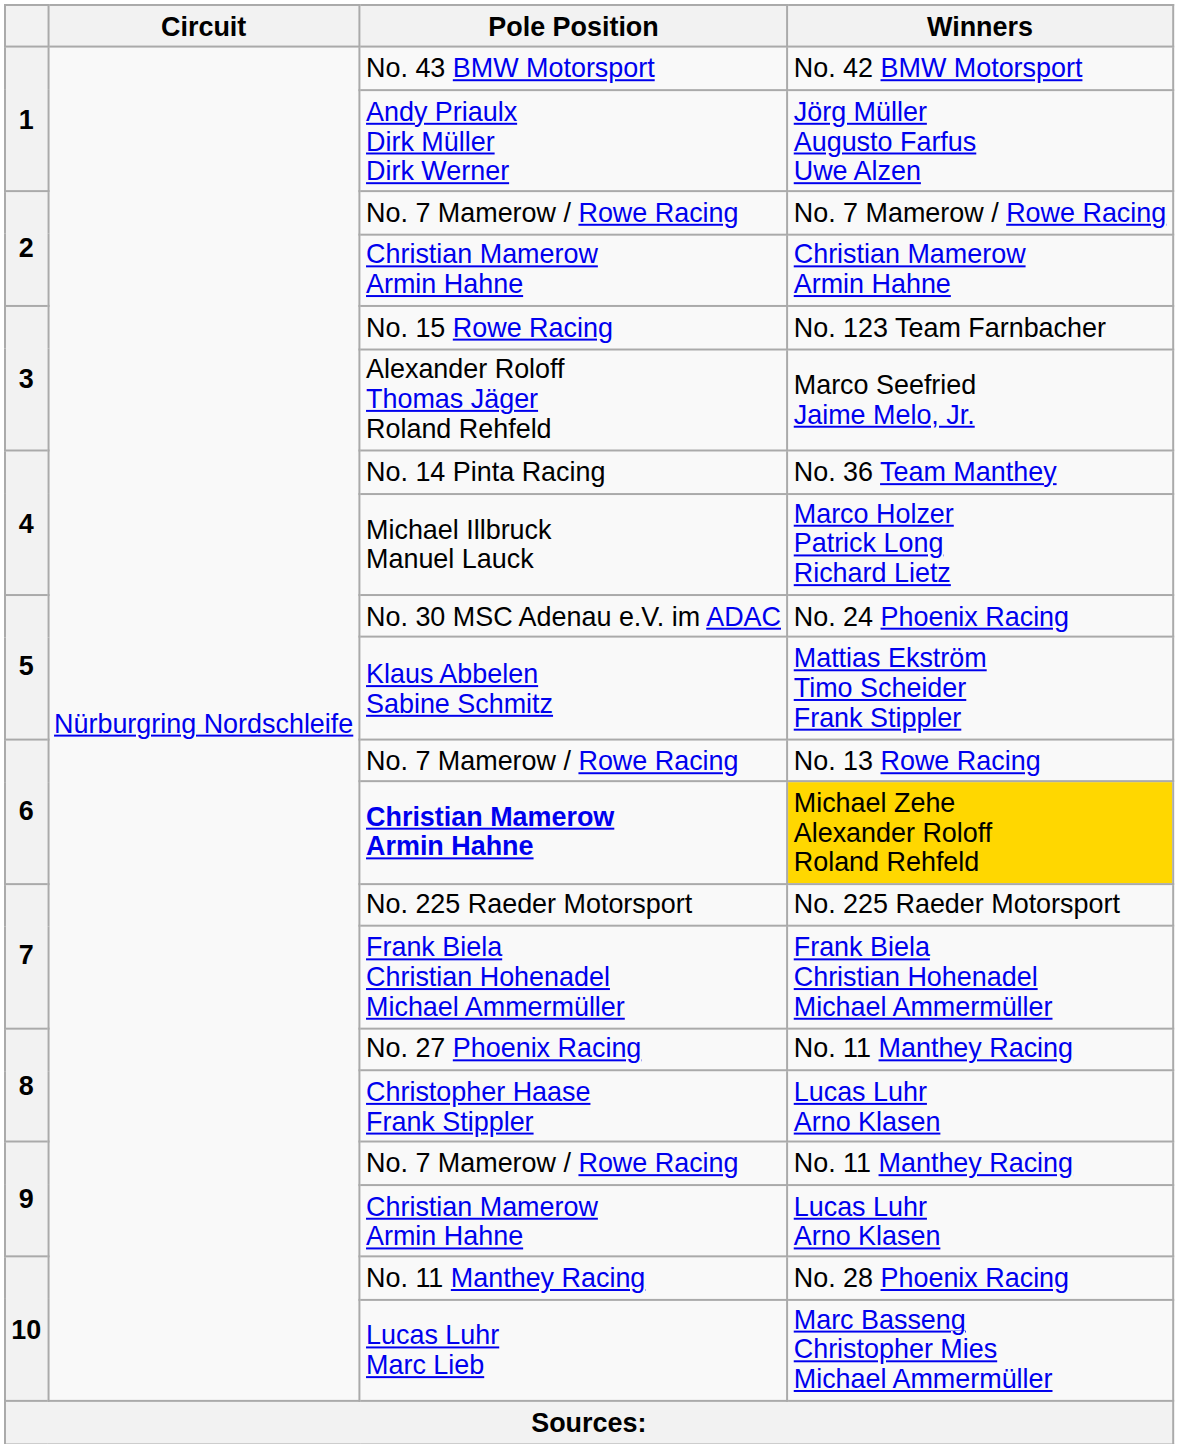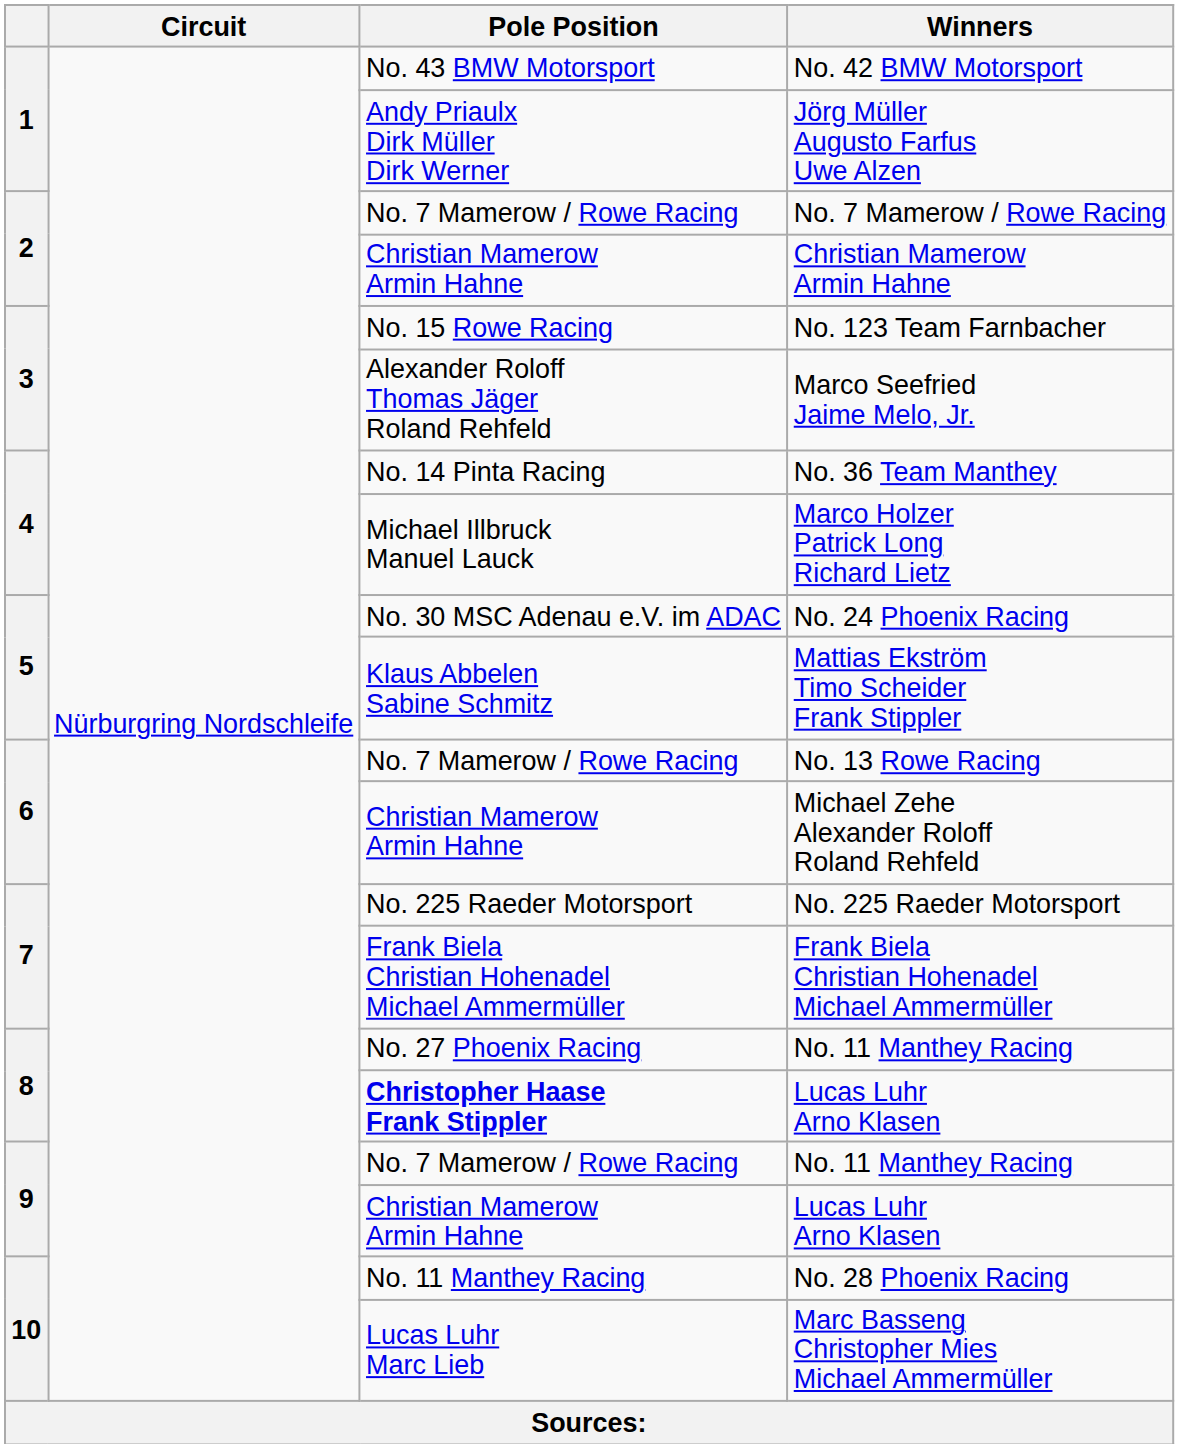 <table class="wikitable" style="font-size: 85%;">
 <tr>
 <th></th>
 <th>Circuit</th>
 <th>Pole Position</th>
 <th>Winners</th>
 </tr>
 <tr>
 <th rowspan=2>1</th>
 <td rowspan=20> <a href='#'>Nürburgring Nordschleife</a></td>
 <td>No. 43  <a href='#'>BMW Motorsport</a></td>
 <td>No. 42  <a href='#'>BMW Motorsport</a></td>
 </tr>
 <tr>
 <td> <a href='#'>Andy Priaulx</a><br> <a href='#'>Dirk Müller</a><br> <a href='#'>Dirk Werner</a></td>
 <td> <a href='#'>Jörg Müller</a><br> <a href='#'>Augusto Farfus</a><br> <a href='#'>Uwe Alzen</a></td>
 </tr>
 <tr>
 <th rowspan=2>2</th>
 <td>No. 7  Mamerow / <a href='#'>Rowe Racing</a></td>
 <td>No. 7  Mamerow / <a href='#'>Rowe Racing</a></td>
 </tr>
 <tr>
 <td> <a href='#'>Christian Mamerow</a><br> <a href='#'>Armin Hahne</a></td>
 <td> <a href='#'>Christian Mamerow</a><br> <a href='#'>Armin Hahne</a></td>
 </tr>
 <tr>
 <th rowspan=2>3</th>
 <td>No. 15  <a href='#'>Rowe Racing</a></td>
 <td>No. 123  Team Farnbacher</td>
 </tr>
 <tr>
 <td> Alexander Roloff<br> <a href='#'>Thomas Jäger</a><br> Roland Rehfeld</td>
 <td> Marco Seefried<br> <a href='#'>Jaime Melo, Jr.</a></td>
 </tr>
 <tr>
 <th rowspan=2>4</th>
 <td>No. 14  Pinta Racing</td>
 <td>No. 36  <a href='#'>Team Manthey</a></td>
 </tr>
 <tr>
 <td> Michael Illbruck<br> Manuel Lauck</td>
 <td> <a href='#'>Marco Holzer</a><br> <a href='#'>Patrick Long</a><br> <a href='#'>Richard Lietz</a></td>
 </tr>
 <tr>
 <th rowspan=2>5</th>
 <td>No. 30  MSC Adenau e.V. im <a href='#'>ADAC</a></td>
 <td>No. 24  <a href='#'>Phoenix Racing</a></td>
 </tr>
 <tr>
 <td> <a href='#'>Klaus Abbelen</a><br> <a href='#'>Sabine Schmitz</a></td>
 <td> <a href='#'>Mattias Ekström</a><br> <a href='#'>Timo Scheider</a><br> <a href='#'>Frank Stippler</a></td>
 </tr>
 <tr>
 <th rowspan=2>6</th>
 <td>No. 7  Mamerow / <a href='#'>Rowe Racing</a></td>
 <td>No. 13  <a href='#'>Rowe Racing</a></td>
 </tr>
 <tr>
-<td><strong> <a href='#'>Christian Mamerow</a><br> <a href='#'>Armin Hahne</a></strong></td>
-<td style="background: gold;"> Michael Zehe<br> Alexander Roloff<br> Roland Rehfeld</td>
+<td> <a href='#'>Christian Mamerow</a><br> <a href='#'>Armin Hahne</a></td>
+<td> Michael Zehe<br> Alexander Roloff<br> Roland Rehfeld</td>
 </tr>
 <tr>
 <th rowspan=2>7</th>
 <td>No. 225  Raeder Motorsport</td>
 <td>No. 225  Raeder Motorsport</td>
 </tr>
 <tr>
 <td> <a href='#'>Frank Biela</a><br> <a href='#'>Christian Hohenadel</a><br> <a href='#'>Michael Ammermüller</a></td>
 <td> <a href='#'>Frank Biela</a><br> <a href='#'>Christian Hohenadel</a><br> <a href='#'>Michael Ammermüller</a></td>
 </tr>
 <tr>
 <th rowspan=2>8</th>
 <td>No. 27  <a href='#'>Phoenix Racing</a></td>
 <td>No. 11  <a href='#'>Manthey Racing</a></td>
 </tr>
 <tr>
-<td> <a href='#'>Christopher Haase</a><br> <a href='#'>Frank Stippler</a></td>
+<td><strong> <a href='#'>Christopher Haase</a><br> <a href='#'>Frank Stippler</a></strong></td>
 <td> <a href='#'>Lucas Luhr</a><br> <a href='#'>Arno Klasen</a></td>
 </tr>
 <tr>
 <th rowspan=2>9</th>
 <td>No. 7  Mamerow / <a href='#'>Rowe Racing</a></td>
 <td>No. 11  <a href='#'>Manthey Racing</a></td>
 </tr>
 <tr>
 <td> <a href='#'>Christian Mamerow</a><br> <a href='#'>Armin Hahne</a></td>
 <td> <a href='#'>Lucas Luhr</a><br> <a href='#'>Arno Klasen</a></td>
 </tr>
 <tr>
 <th rowspan=2>10</th>
 <td>No. 11  <a href='#'>Manthey Racing</a></td>
 <td>No. 28  <a href='#'>Phoenix Racing</a></td>
 </tr>
 <tr>
 <td> <a href='#'>Lucas Luhr</a><br> <a href='#'>Marc Lieb</a></td>
 <td> <a href='#'>Marc Basseng</a><br> <a href='#'>Christopher Mies</a><br> <a href='#'>Michael Ammermüller</a></td>
 </tr>
 <tr>
 <th colspan=4>Sources:</th>
 </tr>
 </table>
